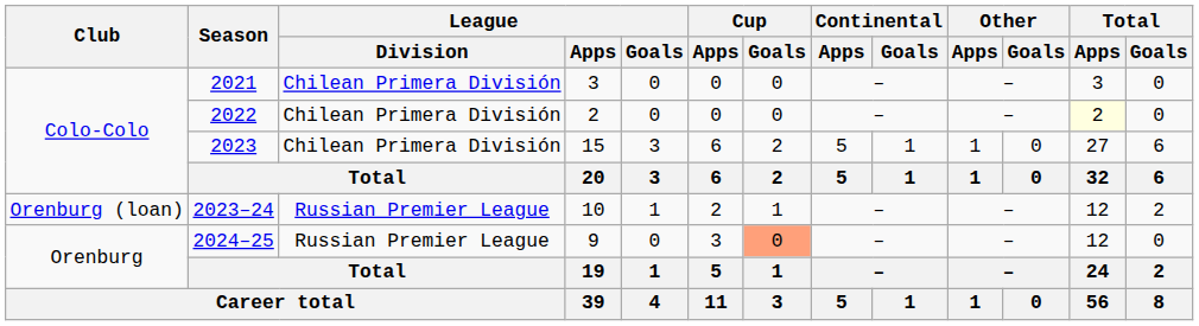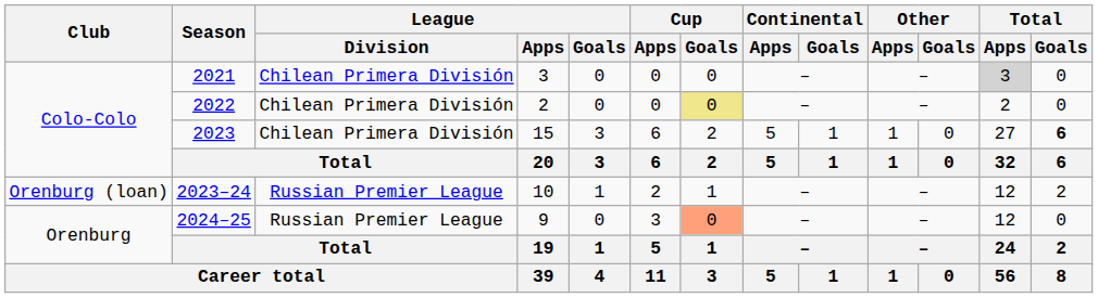 <table class="wikitable" style="text-align: center;">
 <tr>
 <th rowspan="2">Club</th>
 <th rowspan="2">Season</th>
 <th colspan="3">League</th>
 <th colspan="2">Cup</th>
 <th colspan="2">Continental</th>
 <th colspan="2">Other</th>
 <th colspan="2">Total</th>
 </tr>
 <tr>
 <th>Division</th>
 <th>Apps</th>
 <th>Goals</th>
 <th>Apps</th>
 <th>Goals</th>
 <th>Apps</th>
 <th>Goals</th>
 <th>Apps</th>
 <th>Goals</th>
 <th>Apps</th>
 <th>Goals</th>
 </tr>
 <tr>
 <td rowspan="4"><a href='#'>Colo-Colo</a></td>
 <td><a href='#'>2021</a></td>
 <td><a href='#'>Chilean Primera División</a></td>
 <td>3</td>
 <td>0</td>
 <td>0</td>
 <td>0</td>
 <td colspan="2">–</td>
 <td colspan="2">–</td>
-<td>3</td>
+<td style="background: lightgrey;">3</td>
 <td>0</td>
 </tr>
 <tr>
 <td><a href='#'>2022</a></td>
 <td>Chilean Primera División</td>
 <td>2</td>
 <td>0</td>
 <td>0</td>
-<td>0</td>
+<td style="background: khaki;">0</td>
 <td colspan="2">–</td>
 <td colspan="2">–</td>
-<td style="background: lightyellow;">2</td>
+<td>2</td>
 <td>0</td>
 </tr>
 <tr>
 <td><a href='#'>2023</a></td>
 <td>Chilean Primera División</td>
 <td>15</td>
 <td>3</td>
 <td>6</td>
 <td>2</td>
 <td>5</td>
 <td>1</td>
 <td>1</td>
 <td>0</td>
 <td>27</td>
-<td>6</td>
+<td><strong>6</strong></td>
 </tr>
 <tr>
 <th colspan="2">Total</th>
 <th>20</th>
 <th>3</th>
 <th>6</th>
 <th>2</th>
 <th>5</th>
 <th>1</th>
 <th>1</th>
 <th>0</th>
 <th>32</th>
 <th>6</th>
 </tr>
 <tr>
 <td><a href='#'>Orenburg</a> (loan)</td>
 <td><a href='#'>2023–24</a></td>
 <td><a href='#'>Russian Premier League</a></td>
 <td>10</td>
 <td>1</td>
 <td>2</td>
 <td>1</td>
 <td colspan="2">–</td>
 <td colspan="2">–</td>
 <td>12</td>
 <td>2</td>
 </tr>
 <tr>
 <td rowspan="2">Orenburg</td>
 <td><a href='#'>2024–25</a></td>
 <td>Russian Premier League</td>
 <td>9</td>
 <td>0</td>
 <td>3</td>
 <td style="background: lightsalmon;">0</td>
 <td colspan="2">–</td>
 <td colspan="2">–</td>
 <td>12</td>
 <td>0</td>
 </tr>
 <tr>
 <th colspan="2">Total</th>
 <th>19</th>
 <th>1</th>
 <th>5</th>
 <th>1</th>
 <th colspan="2">–</th>
 <th colspan="2">–</th>
 <th>24</th>
 <th>2</th>
 </tr>
 <tr>
 <th colspan="3">Career total</th>
 <th>39</th>
 <th>4</th>
 <th>11</th>
 <th>3</th>
 <th>5</th>
 <th>1</th>
 <th>1</th>
 <th>0</th>
 <th>56</th>
 <th>8</th>
 </tr>
 </table>
